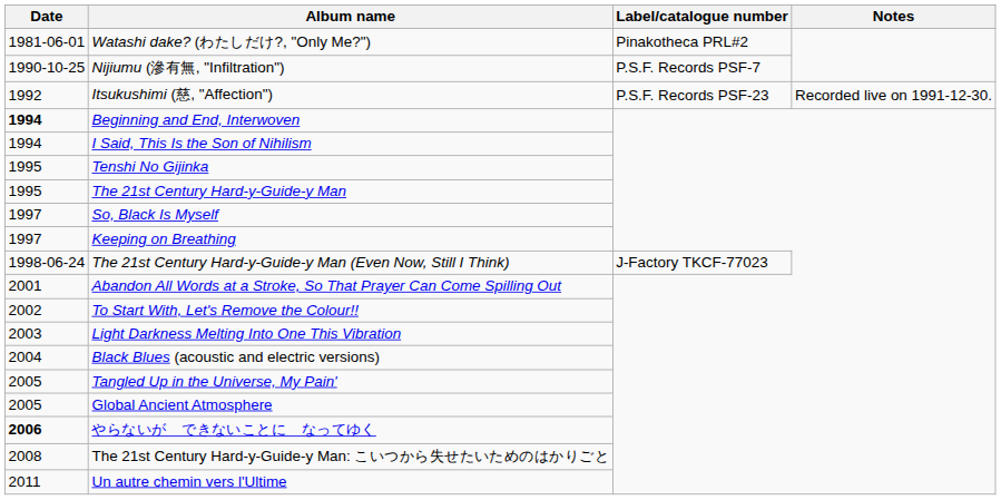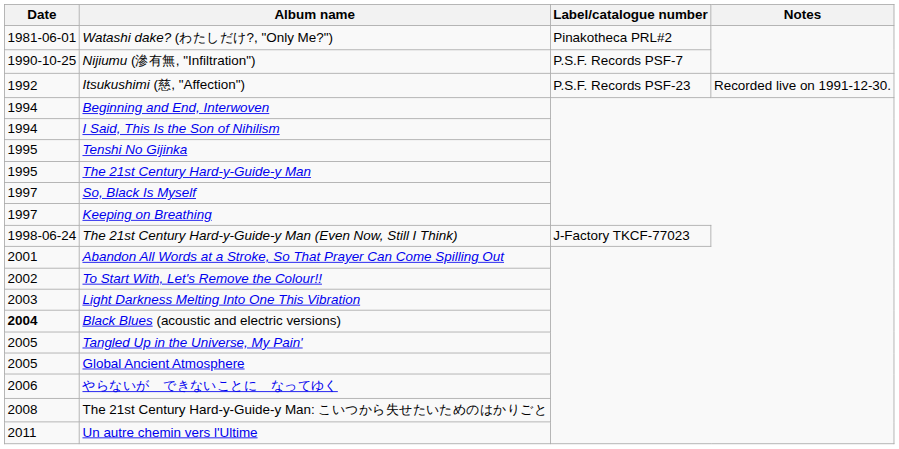 <table class="wikitable">
 <tr>
 <th>Date</th>
 <th>Album name</th>
 <th>Label/catalogue number</th>
 <th>Notes</th>
 </tr>
 <tr>
 <td>1981-06-01</td>
 <td><em>Watashi dake?</em> (わたしだけ?, "Only Me?")</td>
 <td>Pinakotheca PRL#2</td>
 </tr>
 <tr>
 <td>1990-10-25</td>
 <td><em>Nijiumu</em> (滲有無, "Infiltration")</td>
 <td>P.S.F. Records PSF-7</td>
 </tr>
 <tr>
 <td>1992</td>
 <td><em>Itsukushimi</em> (慈, "Affection")</td>
 <td>P.S.F. Records PSF-23</td>
 <td>Recorded live on 1991-12-30.</td>
 </tr>
 <tr>
-<td><strong>1994</strong></td>
+<td>1994</td>
 <td><em><a href='#'>Beginning and End, Interwoven</a></em></td>
 </tr>
 <tr>
 <td>1994</td>
 <td><em><a href='#'>I Said, This Is the Son of Nihilism</a></em></td>
 </tr>
 <tr>
 <td>1995</td>
 <td><em><a href='#'>Tenshi No Gijinka</a></em></td>
 </tr>
 <tr>
 <td>1995</td>
 <td><em><a href='#'>The 21st Century Hard-y-Guide-y Man</a></em></td>
 </tr>
 <tr>
 <td>1997</td>
 <td><em><a href='#'>So, Black Is Myself</a></em></td>
 </tr>
 <tr>
 <td>1997</td>
 <td><em><a href='#'>Keeping on Breathing</a></em></td>
 </tr>
 <tr>
 <td>1998-06-24</td>
 <td><em>The 21st Century Hard-y-Guide-y Man (Even Now, Still I Think)</em></td>
 <td>J-Factory TKCF-77023</td>
 </tr>
 <tr>
 <td>2001</td>
 <td><em><a href='#'>Abandon All Words at a Stroke, So That Prayer Can Come Spilling Out</a></em></td>
 </tr>
 <tr>
 <td>2002</td>
 <td><em><a href='#'>To Start With, Let's Remove the Colour!!</a></em></td>
 </tr>
 <tr>
 <td>2003</td>
 <td><em><a href='#'>Light Darkness Melting Into One This Vibration</a></em></td>
 </tr>
 <tr>
-<td>2004</td>
+<td><strong>2004</strong></td>
 <td><em><a href='#'>Black Blues</a></em> (acoustic and electric versions)</td>
 </tr>
 <tr>
 <td>2005</td>
 <td><em><a href='#'>Tangled Up in the Universe, My Pain'</a><strong></td>
 </tr>
 <tr>
 <td>2005</td>
 <td></em><a href='#'>Global Ancient Atmosphere</a><em></td>
 </tr>
 <tr>
-<td><strong>2006</strong></td>
+<td>2006</td>
 <td></em><a href='#'>やらないが　できないことに　なってゆく</a><em></td>
 </tr>
 <tr>
 <td>2008</td>
 <td></em>The 21st Century Hard-y-Guide-y Man: こいつから失せたいためのはかりごと<em></td>
 </tr>
 <tr>
 <td>2011</td>
 <td><a href='#'>Un autre chemin vers l'Ultime</a></td>
 </tr>
 </table>
